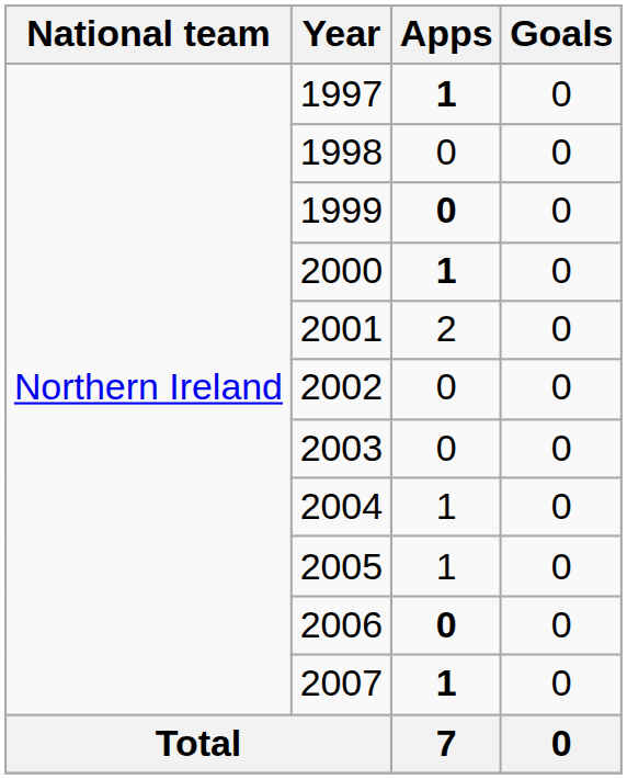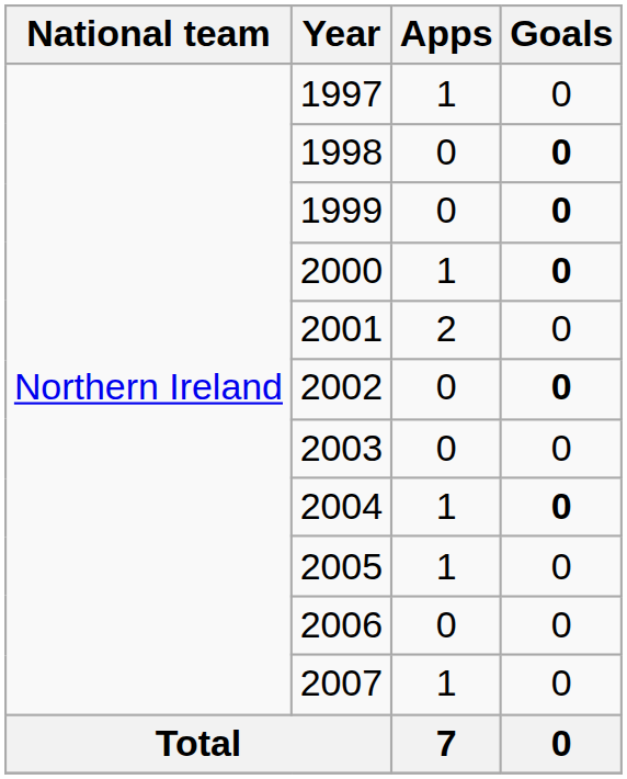 <table class=wikitable style=text-align:center>
 <tr>
 <th>National team</th>
 <th>Year</th>
 <th>Apps</th>
 <th>Goals</th>
 </tr>
 <tr>
 <td rowspan="11!"><a href='#'>Northern Ireland</a></td>
 <td>1997</td>
-<td><strong>1</strong></td>
+<td>1</td>
 <td>0</td>
 </tr>
 <tr>
 <td>1998</td>
 <td>0</td>
-<td>0</td>
+<td><strong>0</strong></td>
 </tr>
 <tr>
 <td>1999</td>
+<td>0</td>
 <td><strong>0</strong></td>
-<td>0</td>
 </tr>
 <tr>
 <td>2000</td>
-<td><strong>1</strong></td>
-<td>0</td>
+<td>1</td>
+<td><strong>0</strong></td>
 </tr>
 <tr>
 <td>2001</td>
 <td>2</td>
 <td>0</td>
 </tr>
 <tr>
 <td>2002</td>
 <td>0</td>
-<td>0</td>
+<td><strong>0</strong></td>
 </tr>
 <tr>
 <td>2003</td>
 <td>0</td>
 <td>0</td>
 </tr>
 <tr>
 <td>2004</td>
 <td>1</td>
-<td>0</td>
+<td><strong>0</strong></td>
 </tr>
 <tr>
 <td>2005</td>
 <td>1</td>
 <td>0</td>
 </tr>
 <tr>
 <td>2006</td>
-<td><strong>0</strong></td>
+<td>0</td>
 <td>0</td>
 </tr>
 <tr>
 <td>2007</td>
-<td><strong>1</strong></td>
+<td>1</td>
 <td>0</td>
 </tr>
 <tr>
 <th colspan="2">Total</th>
 <th>7</th>
 <th>0</th>
 </tr>
 <tr>
 </tr>
 </table>
